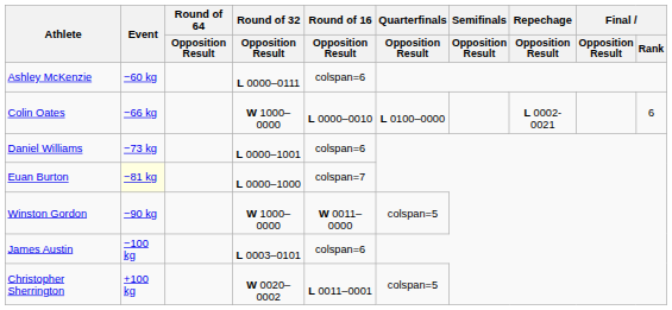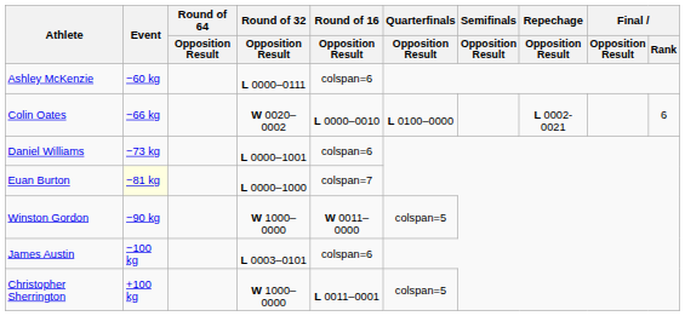 <table class="wikitable" style="text-align:center; font-size:90%;">
 <tr>
 <th rowspan=2>Athlete</th>
 <th rowspan=2>Event</th>
 <th>Round of 64</th>
 <th>Round of 32</th>
 <th>Round of 16</th>
 <th>Quarterfinals</th>
 <th>Semifinals</th>
 <th>Repechage</th>
 <th colspan=2>Final / </th>
 </tr>
 <tr style="font-size:95%">
 <th>Opposition<br>Result</th>
 <th>Opposition<br>Result</th>
 <th>Opposition<br>Result</th>
 <th>Opposition<br>Result</th>
 <th>Opposition<br>Result</th>
 <th>Opposition<br>Result</th>
 <th>Opposition<br>Result</th>
 <th>Rank</th>
 </tr>
 <tr>
 <td style="text-align:left;"><a href='#'>Ashley McKenzie</a></td>
 <td style="text-align:left;"><a href='#'>−60 kg</a></td>
 <td></td>
 <td><br><strong>L</strong> 0000–0111</td>
 <td>colspan=6 </td>
 </tr>
 <tr>
 <td style="text-align:left;"><a href='#'>Colin Oates</a><br></td>
 <td style="text-align:left;"><a href='#'>−66 kg</a></td>
 <td></td>
-<td><br><strong>W</strong> 1000–0000</td>
+<td><br><strong>W</strong> 0020–0002</td>
 <td><br><strong>L</strong> 0000–0010</td>
 <td><br><strong>L</strong> 0100–0000</td>
 <td></td>
 <td><br><strong>L</strong> 0002-0021</td>
 <td></td>
 <td>6</td>
 </tr>
 <tr>
 <td style="text-align:left;"><a href='#'>Daniel Williams</a></td>
 <td style="text-align:left;"><a href='#'>−73 kg</a></td>
 <td></td>
 <td><br><strong>L</strong> 0000–1001</td>
 <td>colspan=6 </td>
 </tr>
 <tr>
 <td style="text-align:left;"><a href='#'>Euan Burton</a></td>
 <td style="background: lightyellow; text-align:left;"><a href='#'>−81 kg</a></td>
 <td></td>
 <td><br><strong>L</strong> 0000–1000</td>
 <td>colspan=7 </td>
 </tr>
 <tr>
 <td style="text-align:left;"><a href='#'>Winston Gordon</a></td>
 <td style="text-align:left;"><a href='#'>−90 kg</a></td>
 <td></td>
 <td><br><strong>W</strong> 1000–0000</td>
 <td><br><strong>W</strong> 0011–0000</td>
 <td>colspan=5 </td>
 </tr>
 <tr>
 <td style="text-align:left;"><a href='#'>James Austin</a></td>
 <td style="text-align:left;"><a href='#'>−100 kg</a></td>
 <td></td>
 <td><br><strong>L</strong> 0003–0101</td>
 <td>colspan=6 </td>
 </tr>
 <tr>
 <td style="text-align:left;"><a href='#'>Christopher Sherrington</a></td>
 <td style="text-align:left;"><a href='#'>+100 kg</a></td>
 <td></td>
-<td><br><strong>W</strong> 0020–0002</td>
+<td><br><strong>W</strong> 1000–0000</td>
 <td><br><strong>L</strong> 0011–0001</td>
 <td>colspan=5 </td>
 </tr>
 </table>
